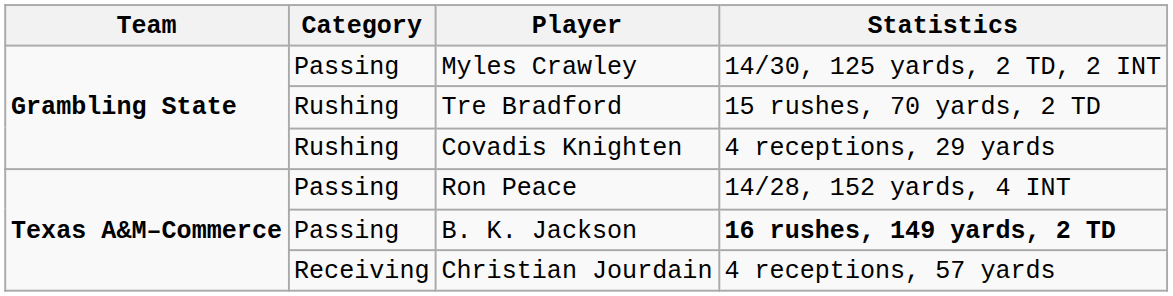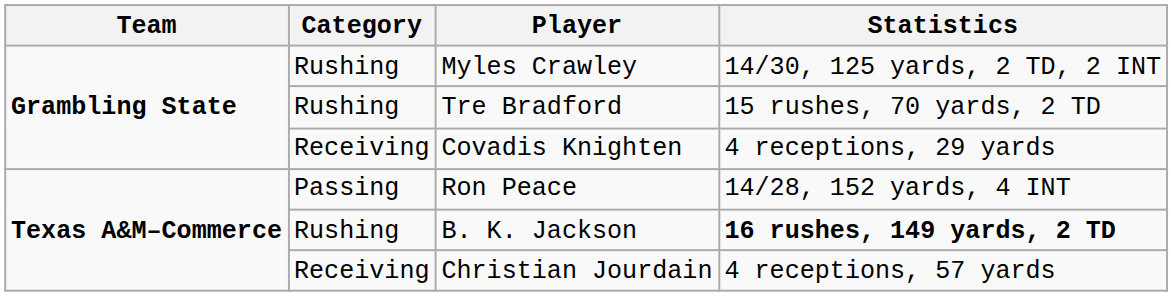 <table class="wikitable" style="float: right;">
 <tr>
 <th>Team</th>
 <th>Category</th>
 <th>Player</th>
 <th>Statistics</th>
 </tr>
 <tr>
 <td rowspan=3><strong>Grambling State</strong></td>
-<td>Passing</td>
+<td>Rushing</td>
 <td>Myles Crawley</td>
 <td>14/30, 125 yards, 2 TD, 2 INT</td>
 </tr>
 <tr>
 <td>Rushing</td>
 <td>Tre Bradford</td>
 <td>15 rushes, 70 yards, 2 TD</td>
 </tr>
 <tr>
-<td>Rushing</td>
+<td>Receiving</td>
 <td>Covadis Knighten</td>
 <td>4 receptions, 29 yards</td>
 </tr>
 <tr>
 <td rowspan=3><strong>Texas A&M–Commerce</strong></td>
 <td>Passing</td>
 <td>Ron Peace</td>
 <td>14/28, 152 yards, 4 INT</td>
 </tr>
 <tr>
-<td>Passing</td>
+<td>Rushing</td>
 <td>B. K. Jackson</td>
 <td><strong>16 rushes, 149 yards, 2 TD</strong></td>
 </tr>
 <tr>
 <td>Receiving</td>
 <td>Christian Jourdain</td>
 <td>4 receptions, 57 yards</td>
 </tr>
 </table>
